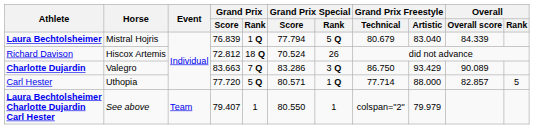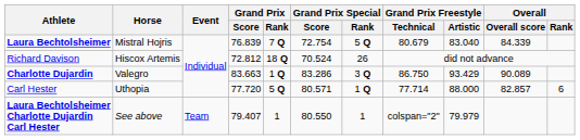 <table class=wikitable style="font-size:90%">
 <tr>
 <th rowspan="2">Athlete</th>
 <th rowspan="2">Horse</th>
 <th rowspan="2">Event</th>
 <th colspan="2">Grand Prix</th>
 <th colspan="2">Grand Prix Special</th>
 <th colspan="2">Grand Prix Freestyle</th>
 <th colspan="2">Overall</th>
 </tr>
 <tr style="font-size:95%">
 <th>Score</th>
 <th>Rank</th>
 <th>Score</th>
 <th>Rank</th>
 <th>Technical</th>
 <th>Artistic</th>
 <th>Overall score</th>
 <th>Rank</th>
 </tr>
 <tr align=center>
 <td align=left><strong><a href='#'>Laura Bechtolsheimer</a></strong></td>
 <td align=left>Mistral Hojris</td>
 <td rowspan="4" style="text-align:left;"><a href='#'>Individual</a></td>
 <td>76.839</td>
-<td>1 <strong>Q</strong></td>
-<td>77.794</td>
+<td>7 <strong>Q</strong></td>
+<td>72.754</td>
 <td>5 <strong>Q</strong></td>
 <td>80.679</td>
 <td>83.040</td>
 <td>84.339</td>
 <td></td>
 </tr>
 <tr align=center>
 <td align=left><a href='#'>Richard Davison</a></td>
 <td align=left>Hiscox Artemis</td>
 <td>72.812</td>
 <td>18 <strong>Q</strong></td>
 <td>70.524</td>
 <td>26</td>
 <td colspan="4">did not advance</td>
 </tr>
 <tr align=center>
 <td align=left><strong><a href='#'>Charlotte Dujardin</a></strong></td>
 <td align=left>Valegro</td>
 <td>83.663</td>
-<td>7 <strong>Q</strong></td>
+<td>1 <strong>Q</strong></td>
 <td>83.286</td>
 <td>3 <strong>Q</strong></td>
 <td>86.750</td>
 <td>93.429</td>
 <td>90.089</td>
 <td></td>
 </tr>
 <tr align=center>
 <td align=left><a href='#'>Carl Hester</a></td>
 <td align=left>Uthopia</td>
 <td>77.720</td>
 <td>5 <strong>Q</strong></td>
 <td>80.571</td>
 <td>1 <strong>Q</strong></td>
 <td>77.714</td>
 <td>88.000</td>
 <td>82.857</td>
-<td>5</td>
+<td>6</td>
 </tr>
 <tr align=center>
 <td align=left><strong><a href='#'>Laura Bechtolsheimer</a><br><a href='#'>Charlotte Dujardin</a><br><a href='#'>Carl Hester</a></strong></td>
 <td align=left><em>See above</em></td>
 <td align=left><a href='#'>Team</a></td>
 <td>79.407</td>
 <td>1</td>
 <td>80.550</td>
 <td>1</td>
 <td>colspan="2" </td>
 <td>79.979</td>
 <td></td>
 </tr>
 </table>
